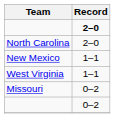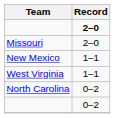 <table class="wikitable" style="text-align:center">
 <tr>
 <th>Team</th>
 <th>Record</th>
 </tr>
 <tr>
 <td align=left></td>
 <td><strong>2–0</strong></td>
 </tr>
 <tr>
-<td align=left><a href='#'>North Carolina</a></td>
+<td align=left><a href='#'>Missouri</a></td>
 <td>2–0</td>
 </tr>
 <tr>
 <td align=left><a href='#'>New Mexico</a></td>
 <td>1–1</td>
 </tr>
 <tr>
 <td align=left><a href='#'>West Virginia</a></td>
 <td>1–1</td>
 </tr>
 <tr>
-<td align=left><a href='#'>Missouri</a></td>
+<td align=left><a href='#'>North Carolina</a></td>
 <td>0–2</td>
 </tr>
 <tr>
 <td align=left></td>
 <td>0–2</td>
 </tr>
 <tr>
 </tr>
 </table>
